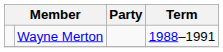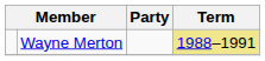 <table class="wikitable">
 <tr>
 <th colspan="2">Member</th>
 <th>Party</th>
 <th>Term</th>
 </tr>
 <tr>
 <td> </td>
 <td><a href='#'>Wayne Merton</a></td>
 <td></td>
-<td><a href='#'>1988</a>–1991</td>
+<td style="background: khaki;"><a href='#'>1988</a>–1991</td>
 </tr>
 <tr>
 </tr>
 </table>
